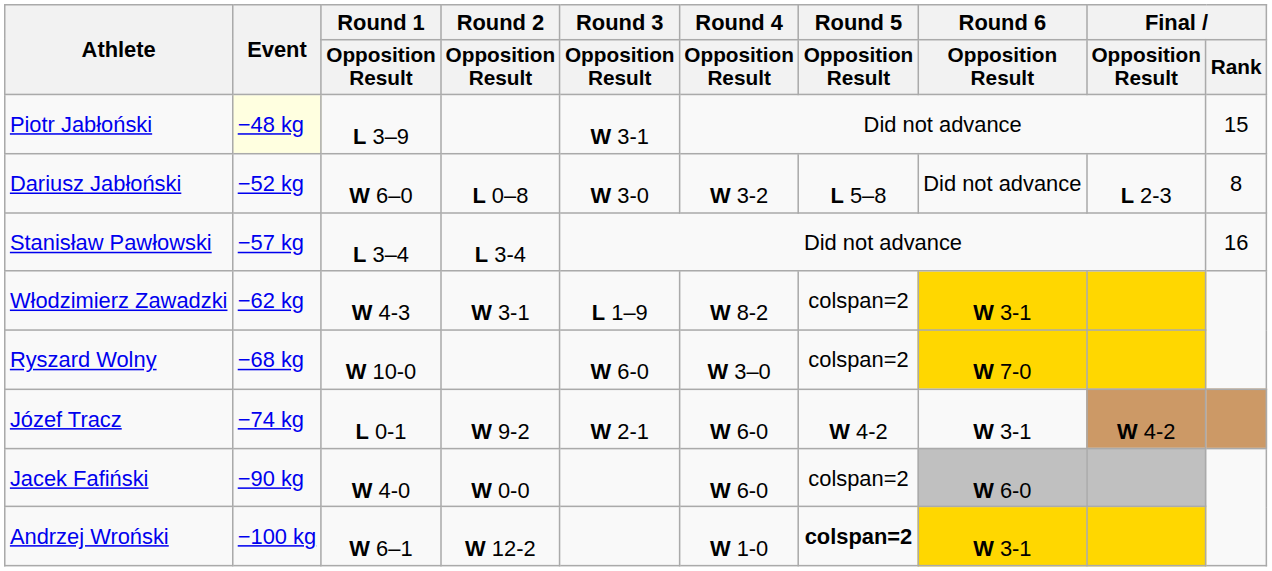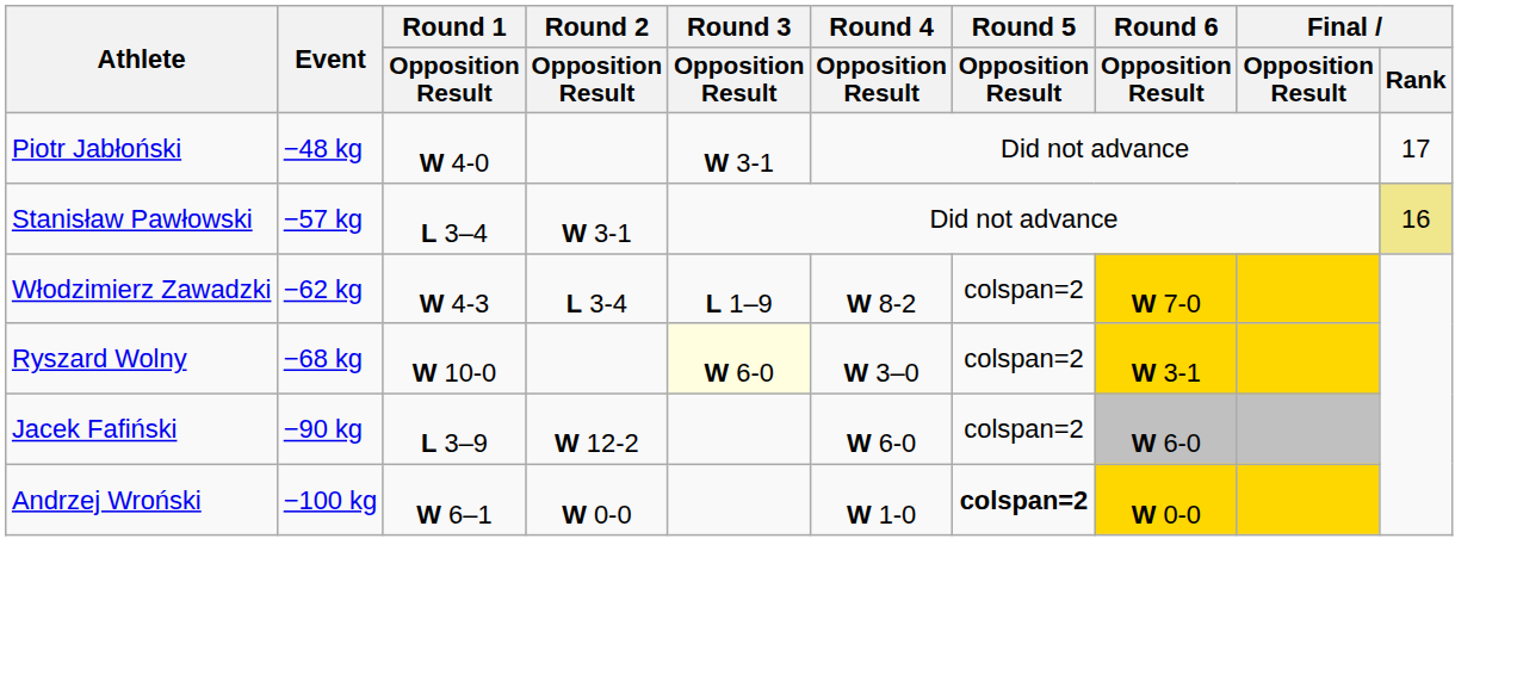 <table class="wikitable" style="font-size:90%">
 <tr>
 <th rowspan="2">Athlete</th>
 <th rowspan="2">Event</th>
 <th>Round 1</th>
 <th>Round 2</th>
 <th>Round 3</th>
 <th>Round 4</th>
 <th>Round 5</th>
 <th>Round 6</th>
 <th colspan=2>Final / </th>
 </tr>
 <tr style="font-size: 95%">
 <th>Opposition<br>Result</th>
 <th>Opposition<br>Result</th>
 <th>Opposition<br>Result</th>
 <th>Opposition<br>Result</th>
 <th>Opposition<br>Result</th>
 <th>Opposition<br>Result</th>
 <th>Opposition<br>Result</th>
 <th>Rank</th>
 </tr>
 <tr align=center>
 <td align=left><a href='#'>Piotr Jabłoński</a></td>
-<td align=left style="background: lightyellow;"><a href='#'>−48 kg</a></td>
-<td><br><strong>L</strong> 3–9</td>
+<td align=left><a href='#'>−48 kg</a></td>
+<td><br><strong>W</strong> 4-0</td>
 <td></td>
 <td><br><strong>W</strong> 3-1</td>
 <td colspan=4>Did not advance</td>
-<td>15</td>
-</tr>
-<tr align=center>
-<td align=left><a href='#'>Dariusz Jabłoński</a></td>
-<td align=left><a href='#'>−52 kg</a></td>
-<td><br><strong>W</strong> 6–0</td>
-<td><br><strong>L</strong> 0–8</td>
-<td><br><strong>W</strong> 3-0</td>
-<td><br><strong>W</strong> 3-2</td>
-<td><br><strong>L</strong> 5–8</td>
-<td colspan=1>Did not advance</td>
-<td><br><strong>L</strong> 2-3</td>
-<td>8</td>
+<td>17</td>
 </tr>
 <tr align=center>
 <td align=left><a href='#'>Stanisław Pawłowski</a></td>
 <td align=left><a href='#'>−57 kg</a></td>
 <td><br><strong>L</strong> 3–4</td>
-<td><br><strong>L</strong> 3-4</td>
+<td><br><strong>W</strong> 3-1</td>
 <td colspan=5>Did not advance</td>
-<td>16</td>
+<td style="background: khaki;">16</td>
 </tr>
 <tr align=center>
 <td align=left><a href='#'>Włodzimierz Zawadzki</a></td>
 <td align=left><a href='#'>−62 kg</a></td>
 <td><br><strong>W</strong> 4-3</td>
-<td><br><strong>W</strong> 3-1</td>
+<td><br><strong>L</strong> 3-4</td>
 <td><br><strong>L</strong> 1–9</td>
 <td><br><strong>W</strong> 8-2</td>
 <td>colspan=2 </td>
-<td align="center" bgcolor='gold'><br><strong>W</strong> 3-1</td>
+<td align="center" bgcolor='gold'><br><strong>W</strong> 7-0</td>
 <td align="center" bgcolor='gold'></td>
 </tr>
 <tr align=center>
 <td align=left><a href='#'>Ryszard Wolny</a></td>
 <td align=left><a href='#'>−68 kg</a></td>
 <td><br><strong>W</strong> 10-0</td>
 <td></td>
-<td><br><strong>W</strong> 6-0</td>
+<td style="background: lightyellow;"><br><strong>W</strong> 6-0</td>
 <td><br><strong>W</strong> 3–0</td>
 <td>colspan=2 </td>
-<td align="center" bgcolor='gold'><br><strong>W</strong> 7-0</td>
+<td align="center" bgcolor='gold'><br><strong>W</strong> 3-1</td>
 <td align="center" bgcolor='gold'></td>
-</tr>
-<tr align=center>
-<td align=left><a href='#'>Józef Tracz</a></td>
-<td align=left><a href='#'>−74 kg</a></td>
-<td><br><strong>L</strong> 0-1</td>
-<td><br><strong>W</strong> 9-2</td>
-<td><br><strong>W</strong> 2-1</td>
-<td><br><strong>W</strong> 6-0</td>
-<td><br><strong>W</strong> 4-2</td>
-<td><br><strong>W</strong> 3-1</td>
-<td align="center" bgcolor=cc9966><br><strong>W</strong> 4-2</td>
-<td align="center" bgcolor=cc9966></td>
 </tr>
 <tr align=center>
 <td align=left><a href='#'>Jacek Fafiński</a></td>
 <td align=left><a href='#'>−90 kg</a></td>
-<td><br><strong>W</strong> 4-0</td>
-<td><br><strong>W</strong> 0-0</td>
+<td><br><strong>L</strong> 3–9</td>
+<td><br><strong>W</strong> 12-2</td>
 <td></td>
 <td><br><strong>W</strong> 6-0</td>
 <td>colspan=2 </td>
 <td align="center" bgcolor='silver'><br><strong>W</strong> 6-0</td>
 <td align="center" bgcolor='silver'></td>
 </tr>
 <tr align=center>
 <td align=left><a href='#'>Andrzej Wroński</a></td>
 <td align=left><a href='#'>−100 kg</a></td>
 <td><br><strong>W</strong> 6–1</td>
-<td><br><strong>W</strong> 12-2</td>
+<td><br><strong>W</strong> 0-0</td>
 <td></td>
 <td><br><strong>W</strong> 1-0</td>
 <td><strong>colspan=2 </strong></td>
-<td align="center" bgcolor='gold'><br><strong>W</strong> 3-1</td>
+<td align="center" bgcolor='gold'><br><strong>W</strong> 0-0</td>
 <td align="center" bgcolor='gold'></td>
 </tr>
 </table>
